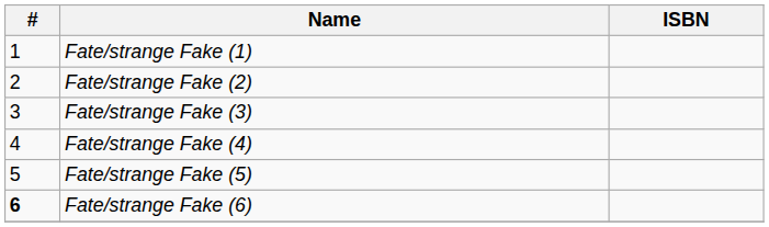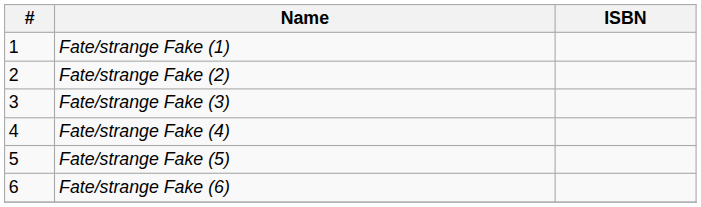 <table class="wikitable" width="100%">
 <tr>
 <th>#</th>
 <th>Name</th>
 <th>ISBN</th>
 </tr>
 <tr>
 <td>1</td>
 <td><em>Fate/strange Fake (1)</em></td>
 <td><small></small></td>
 </tr>
 <tr>
 <td>2</td>
 <td><em>Fate/strange Fake (2)</em></td>
 <td><small></small></td>
 </tr>
 <tr>
 <td>3</td>
 <td><em>Fate/strange Fake (3)</em></td>
 <td><small></small></td>
 </tr>
 <tr>
 <td>4</td>
 <td><em>Fate/strange Fake (4)</em></td>
 <td><small></small></td>
 </tr>
 <tr>
 <td>5</td>
 <td><em>Fate/strange Fake (5)</em></td>
 <td><small></small></td>
 </tr>
 <tr>
-<td><strong>6</strong></td>
+<td>6</td>
 <td><em>Fate/strange Fake (6)</em></td>
 <td><small></small></td>
 </tr>
 <tr>
 </tr>
 </table>
